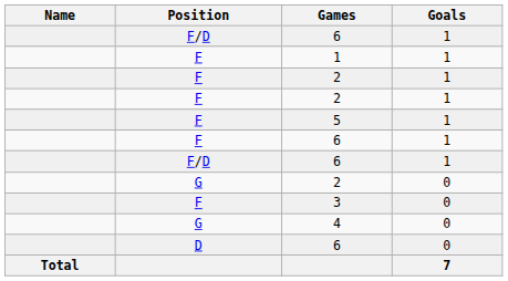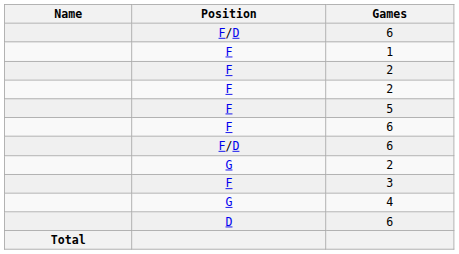 <table class="wikitable sortable" width ="40%">
 <tr align="center">
 <th><strong>Name</strong></th>
 <th><strong>Position</strong></th>
 <th><strong>Games</strong></th>
-<th><strong>Goals</strong></th>
 </tr>
 <tr align="center" bgcolor="f0f0f0">
 <td></td>
 <td><a href='#'>F</a>/<a href='#'>D</a></td>
 <td>6</td>
-<td>1</td>
 </tr>
 <tr align="center" bgcolor="">
 <td></td>
 <td><a href='#'>F</a></td>
-<td>1</td>
 <td>1</td>
 </tr>
 <tr align="center" bgcolor="f0f0f0">
 <td></td>
 <td><a href='#'>F</a></td>
 <td>2</td>
-<td>1</td>
 </tr>
 <tr align="center" bgcolor="">
 <td></td>
 <td><a href='#'>F</a></td>
 <td>2</td>
-<td>1</td>
 </tr>
 <tr align="center" bgcolor="f0f0f0">
 <td></td>
 <td><a href='#'>F</a></td>
 <td>5</td>
-<td>1</td>
 </tr>
 <tr align="center" bgcolor="">
 <td></td>
 <td><a href='#'>F</a></td>
 <td>6</td>
-<td>1</td>
 </tr>
 <tr align="center" bgcolor="f0f0f0">
 <td></td>
 <td><a href='#'>F</a>/<a href='#'>D</a></td>
 <td>6</td>
-<td>1</td>
 </tr>
 <tr align="center" bgcolor="">
 <td></td>
 <td><a href='#'>G</a></td>
 <td>2</td>
-<td>0</td>
 </tr>
 <tr align="center" bgcolor="f0f0f0">
 <td></td>
 <td><a href='#'>F</a></td>
 <td>3</td>
-<td>0</td>
 </tr>
 <tr align="center" bgcolor="">
 <td></td>
 <td><a href='#'>G</a></td>
 <td>4</td>
-<td>0</td>
 </tr>
 <tr align="center" bgcolor="f0f0f0">
 <td></td>
 <td><a href='#'>D</a></td>
 <td>6</td>
-<td>0</td>
 </tr>
 <tr>
 <th>Total</th>
 <th></th>
 <th></th>
-<th>7</th>
 </tr>
 </table>
